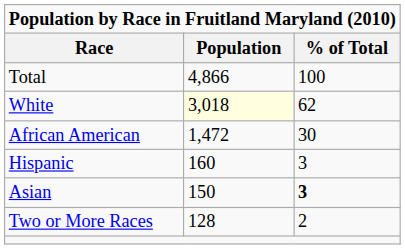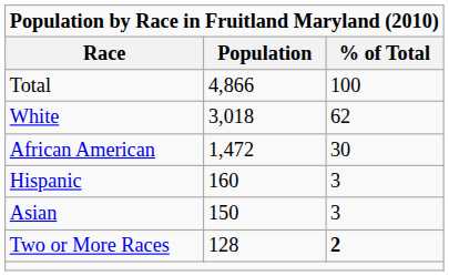 <table class="wikitable sortable">
 <tr>
 <td colspan="3" style="text-align:center;"><strong>Population by Race in Fruitland Maryland (2010)</strong></td>
 </tr>
 <tr>
 <th>Race</th>
 <th>Population</th>
 <th>% of Total</th>
 </tr>
 <tr>
 <td>Total</td>
 <td>4,866</td>
 <td>100</td>
 </tr>
 <tr>
 <td><a href='#'>White</a></td>
-<td style="background: lightyellow;">3,018</td>
+<td>3,018</td>
 <td>62</td>
 </tr>
 <tr>
 <td><a href='#'>African American</a></td>
 <td>1,472</td>
 <td>30</td>
 </tr>
 <tr>
 <td><a href='#'>Hispanic</a></td>
 <td>160</td>
 <td>3</td>
 </tr>
 <tr>
 <td><a href='#'>Asian</a></td>
 <td>150</td>
-<td><strong>3</strong></td>
+<td>3</td>
 </tr>
 <tr>
 <td><a href='#'>Two or More Races</a></td>
 <td>128</td>
-<td>2</td>
+<td><strong>2</strong></td>
 </tr>
 <tr>
 <td colspan="3"></td>
 </tr>
 </table>
